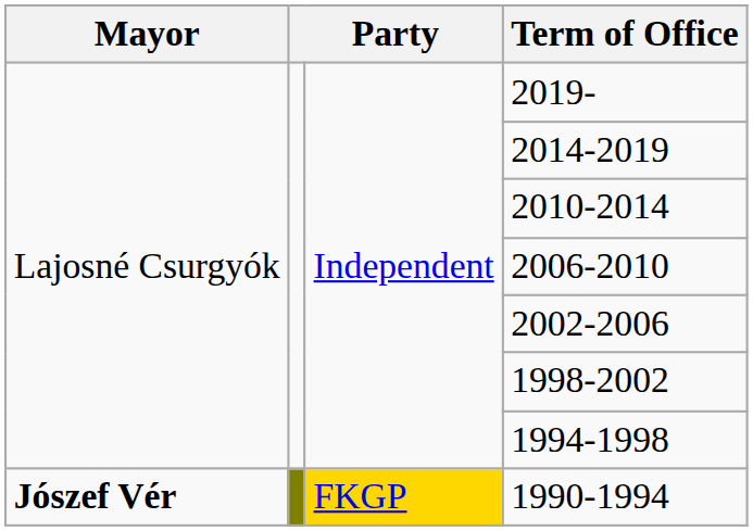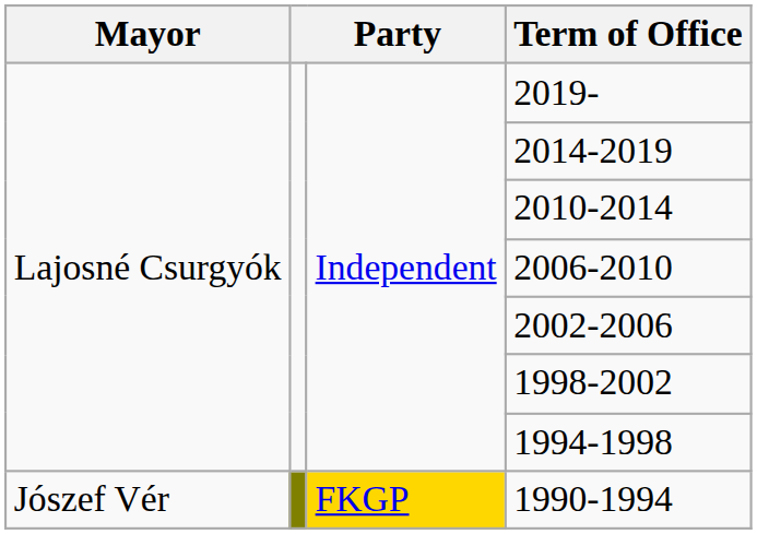 <table class="wikitable">
 <tr>
 <th>Mayor</th>
 <th colspan="2">Party</th>
 <th>Term of Office</th>
 </tr>
 <tr>
 <td rowspan="7">Lajosné Csurgyók</td>
 <td rowspan="7" style="background-color:"></td>
 <td rowspan="7"><a href='#'>Independent</a></td>
 <td>2019-</td>
 </tr>
 <tr>
 <td>2014-2019</td>
 </tr>
 <tr>
 <td>2010-2014</td>
 </tr>
 <tr>
 <td>2006-2010</td>
 </tr>
 <tr>
 <td>2002-2006</td>
 </tr>
 <tr>
 <td>1998-2002</td>
 </tr>
 <tr>
 <td>1994-1998</td>
 </tr>
 <tr>
-<td><strong>Jószef Vér</strong></td>
+<td>Jószef Vér</td>
 <td style="background-color:#808000"></td>
 <td style="background: gold;"><a href='#'>FKGP</a></td>
 <td>1990-1994</td>
 </tr>
 </table>
